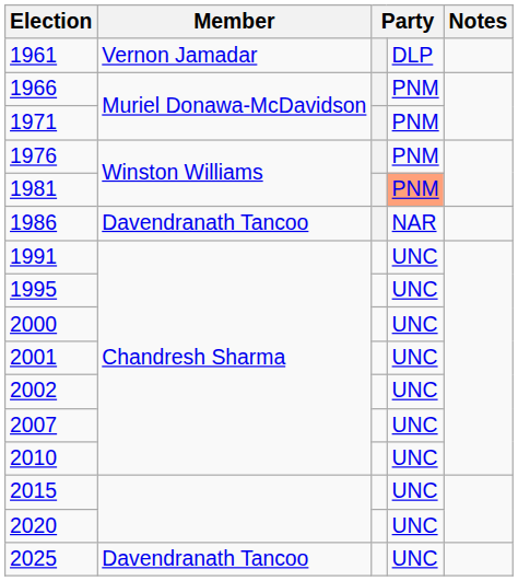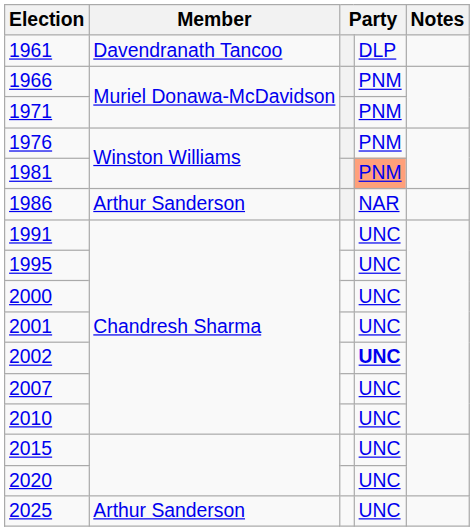 <table class="wikitable sortable">
 <tr>
 <th>Election</th>
 <th>Member</th>
 <th colspan="2">Party</th>
 <th>Notes</th>
 </tr>
 <tr>
 <td><a href='#'>1961</a></td>
-<td><a href='#'>Vernon Jamadar</a></td>
+<td><a href='#'>Davendranath Tancoo</a></td>
 <th style="background-color: "></th>
 <td><a href='#'>DLP</a></td>
 <td></td>
 </tr>
 <tr>
 <td><a href='#'>1966</a></td>
 <td rowspan="2"><a href='#'>Muriel Donawa-McDavidson</a></td>
 <th style="background-color: "></th>
 <td><a href='#'>PNM</a></td>
 <td rowspan="2"></td>
 </tr>
 <tr>
 <td><a href='#'>1971</a></td>
 <th style="background-color: "></th>
 <td><a href='#'>PNM</a></td>
 </tr>
 <tr>
 <td><a href='#'>1976</a></td>
 <td rowspan="2"><a href='#'>Winston Williams</a></td>
 <th style="background-color: "></th>
 <td><a href='#'>PNM</a></td>
 <td rowspan="2"></td>
 </tr>
 <tr>
 <td><a href='#'>1981</a></td>
 <th style="background-color: "></th>
 <td style="background: lightsalmon;"><a href='#'>PNM</a></td>
 </tr>
 <tr>
 <td><a href='#'>1986</a></td>
-<td><a href='#'>Davendranath Tancoo</a></td>
+<td><a href='#'>Arthur Sanderson</a></td>
 <th style="background-color: "></th>
 <td><a href='#'>NAR</a></td>
 <td></td>
 </tr>
 <tr>
 <td><a href='#'>1991</a></td>
 <td rowspan="7"><a href='#'>Chandresh Sharma</a></td>
 <td style="background:"> </td>
 <td><a href='#'>UNC</a></td>
 <td rowspan="7"></td>
 </tr>
 <tr>
 <td><a href='#'>1995</a></td>
 <td style="background:"> </td>
 <td><a href='#'>UNC</a></td>
 </tr>
 <tr>
 <td><a href='#'>2000</a></td>
 <td style="background:"> </td>
 <td><a href='#'>UNC</a></td>
 </tr>
 <tr>
 <td><a href='#'>2001</a></td>
 <td style="background:"> </td>
 <td><a href='#'>UNC</a></td>
 </tr>
 <tr>
 <td><a href='#'>2002</a></td>
 <td style="background:"> </td>
-<td><a href='#'>UNC</a></td>
+<td><strong><a href='#'>UNC</a></strong></td>
 </tr>
 <tr>
 <td><a href='#'>2007</a></td>
 <td style="background:"> </td>
 <td><a href='#'>UNC</a></td>
 </tr>
 <tr>
 <td><a href='#'>2010</a></td>
 <td style="background:"> </td>
 <td><a href='#'>UNC</a></td>
 </tr>
 <tr>
 <td><a href='#'>2015</a></td>
 <td rowspan="2"></td>
 <td style="background:"> </td>
 <td><a href='#'>UNC</a></td>
 <td rowspan="2"></td>
 </tr>
 <tr>
 <td><a href='#'>2020</a></td>
 <td style="background:"> </td>
 <td><a href='#'>UNC</a></td>
 </tr>
 <tr>
 <td><a href='#'>2025</a></td>
-<td><a href='#'>Davendranath Tancoo</a></td>
+<td><a href='#'>Arthur Sanderson</a></td>
 <td style="background:"> </td>
 <td><a href='#'>UNC</a></td>
 <td></td>
 </tr>
 </table>
